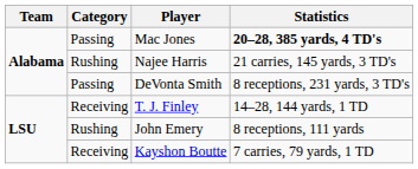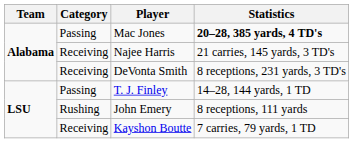 <table class="wikitable" style="float: right;">
 <tr>
 <th>Team</th>
 <th>Category</th>
 <th>Player</th>
 <th>Statistics</th>
 </tr>
 <tr>
 <td rowspan=3><strong>Alabama</strong></td>
 <td>Passing</td>
 <td>Mac Jones</td>
 <td><strong>20–28, 385 yards, 4 TD's</strong></td>
 </tr>
 <tr>
-<td>Rushing</td>
+<td>Receiving</td>
 <td>Najee Harris</td>
 <td>21 carries, 145 yards, 3 TD's</td>
 </tr>
 <tr>
-<td>Passing</td>
+<td>Receiving</td>
 <td>DeVonta Smith</td>
 <td>8 receptions, 231 yards, 3 TD's</td>
 </tr>
 <tr>
 <td rowspan=3><strong>LSU</strong></td>
-<td>Receiving</td>
+<td>Passing</td>
 <td><a href='#'>T. J. Finley</a></td>
 <td>14–28, 144 yards, 1 TD</td>
 </tr>
 <tr>
 <td>Rushing</td>
 <td>John Emery</td>
 <td>8 receptions, 111 yards</td>
 </tr>
 <tr>
 <td>Receiving</td>
 <td><a href='#'>Kayshon Boutte</a></td>
 <td>7 carries, 79 yards, 1 TD</td>
 </tr>
 </table>
